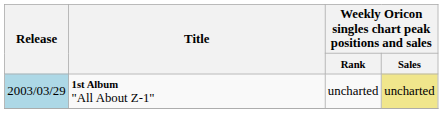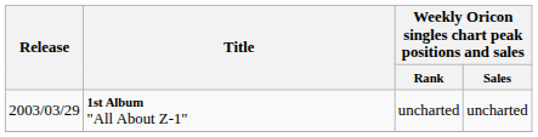 <table class="wikitable">
 <tr>
 <th width="28" rowspan="2">Release</th>
 <th width="313" rowspan="2">Title</th>
 <th colspan="4">Weekly Oricon singles chart peak positions and sales</th>
 </tr>
 <tr>
 <th width="40"><small>Rank</small></th>
 <th width="40"><small>Sales</small></th>
 </tr>
 <tr>
-<td style="background: lightblue;">2003/03/29</td>
+<td>2003/03/29</td>
 <td><small><strong>1st Album</strong></small><br>"All About Z-1"</td>
 <td>uncharted</td>
-<td style="background: khaki;">uncharted</td>
+<td>uncharted</td>
 </tr>
 <tr>
 </tr>
 </table>
